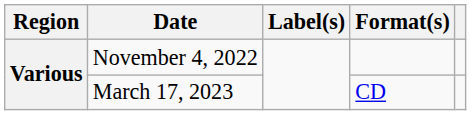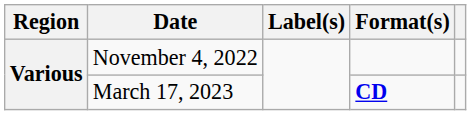 <table class="wikitable plainrowheaders">
 <tr>
 <th scope="col">Region</th>
 <th scope="col">Date</th>
 <th scope="col">Label(s)</th>
 <th scope="col">Format(s)</th>
 <th scope="col"></th>
 </tr>
 <tr>
 <th scope="row" rowspan="2">Various</th>
 <td>November 4, 2022</td>
 <td rowspan="2"></td>
 <td></td>
 <td style="text-align: center"></td>
 </tr>
 <tr>
 <td>March 17, 2023</td>
-<td><a href='#'>CD</a></td>
+<td><strong><a href='#'>CD</a></strong></td>
 <td style="text-align: center"></td>
 </tr>
 </table>
